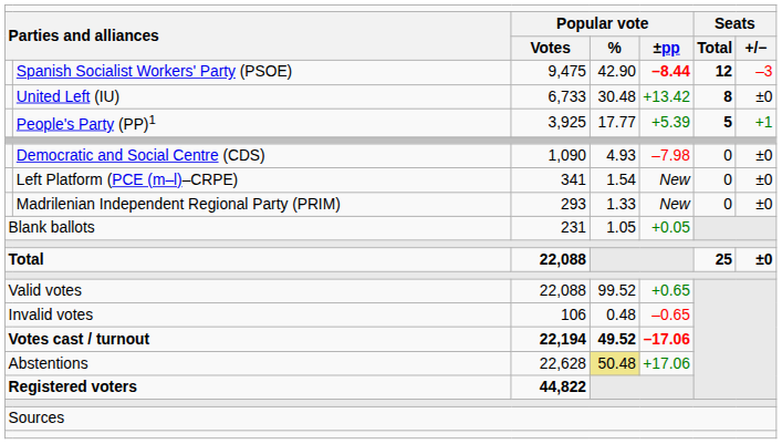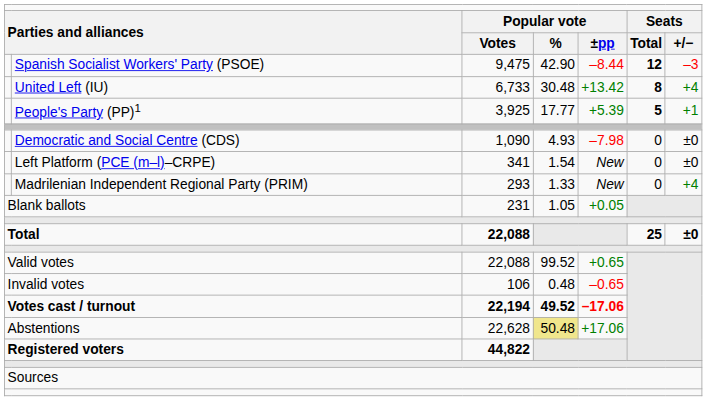 <table class="wikitable" style="text-align:right;">
 <tr>
 <td colspan="7"></td>
 </tr>
 <tr>
 <th style="text-align:left;" rowspan="2" colspan="2" width="525">Parties and alliances</th>
 <th colspan="3">Popular vote</th>
 <th colspan="2">Seats</th>
 </tr>
 <tr>
 <th width="75">Votes</th>
 <th width="45">%</th>
 <th width="45">±<a href='#'>pp</a></th>
 <th width="35">Total</th>
 <th width="35">+/−</th>
 </tr>
 <tr>
 <td width="1" style="color:inherit;background:"></td>
 <td align="left"><a href='#'>Spanish Socialist Workers' Party</a> (PSOE)</td>
 <td>9,475</td>
 <td>42.90</td>
-<td style="color:red;"><strong>–8.44</strong></td>
+<td style="color:red;">–8.44</td>
 <td><strong>12</strong></td>
 <td style="color:red;">–3</td>
 </tr>
 <tr>
 <td style="color:inherit;background:"></td>
 <td align="left"><a href='#'>United Left</a> (IU)</td>
 <td>6,733</td>
 <td>30.48</td>
 <td style="color:green;">+13.42</td>
 <td><strong>8</strong></td>
-<td>±0</td>
+<td style="color:green;">+4</td>
 </tr>
 <tr>
 <td style="color:inherit;background:"></td>
 <td align="left"><a href='#'>People's Party</a> (PP)<sup>1</sup></td>
 <td>3,925</td>
 <td>17.77</td>
 <td style="color:green;">+5.39</td>
 <td><strong>5</strong></td>
 <td style="color:green;">+1</td>
 </tr>
 <tr>
 <td colspan="7" bgcolor="#C0C0C0"></td>
 </tr>
 <tr>
 <td style="color:inherit;background:"></td>
 <td align="left"><a href='#'>Democratic and Social Centre</a> (CDS)</td>
 <td>1,090</td>
 <td>4.93</td>
 <td style="color:red;">–7.98</td>
 <td>0</td>
 <td>±0</td>
 </tr>
 <tr>
 <td style="color:inherit;background:"></td>
 <td align="left">Left Platform (<a href='#'>PCE (m–l)</a>–CRPE)</td>
 <td>341</td>
 <td>1.54</td>
 <td><em>New</em></td>
 <td>0</td>
 <td>±0</td>
 </tr>
 <tr>
 <td style="color:inherit;background:"></td>
 <td align="left">Madrilenian Independent Regional Party (PRIM)</td>
 <td>293</td>
 <td>1.33</td>
 <td><em>New</em></td>
 <td>0</td>
-<td>±0</td>
+<td style="color:green;">+4</td>
 </tr>
 <tr>
 <td align="left" colspan="2">Blank ballots</td>
 <td>231</td>
 <td>1.05</td>
 <td style="color:green;">+0.05</td>
 <td bgcolor="#E9E9E9" colspan="2"></td>
 </tr>
 <tr>
 <td colspan="7" bgcolor="#E9E9E9"></td>
 </tr>
 <tr style="font-weight:bold;">
 <td align="left" colspan="2">Total</td>
 <td>22,088</td>
 <td bgcolor="#E9E9E9" colspan="2"></td>
 <td>25</td>
 <td>±0</td>
 </tr>
 <tr>
 <td colspan="7" bgcolor="#E9E9E9"></td>
 </tr>
 <tr>
 <td align="left" colspan="2">Valid votes</td>
 <td>22,088</td>
 <td>99.52</td>
 <td style="color:green;">+0.65</td>
 <td bgcolor="#E9E9E9" colspan="2" rowspan="5"></td>
 </tr>
 <tr>
 <td align="left" colspan="2">Invalid votes</td>
 <td>106</td>
 <td>0.48</td>
 <td style="color:red;">–0.65</td>
 </tr>
 <tr style="font-weight:bold;">
 <td align="left" colspan="2">Votes cast / turnout</td>
 <td>22,194</td>
 <td>49.52</td>
 <td style="color:red;">–17.06</td>
 </tr>
 <tr>
 <td align="left" colspan="2">Abstentions</td>
 <td>22,628</td>
 <td style="background: khaki;">50.48</td>
 <td style="color:green;">+17.06</td>
 </tr>
 <tr style="font-weight:bold;">
 <td align="left" colspan="2">Registered voters</td>
 <td>44,822</td>
 <td bgcolor="#E9E9E9" colspan="2"></td>
 </tr>
 <tr>
 <td colspan="7" bgcolor="#E9E9E9"></td>
 </tr>
 <tr>
 <td align="left" colspan="7">Sources</td>
 </tr>
 <tr>
 <td colspan="7" style="text-align:left; max-width:790px;"></td>
 </tr>
 </table>
